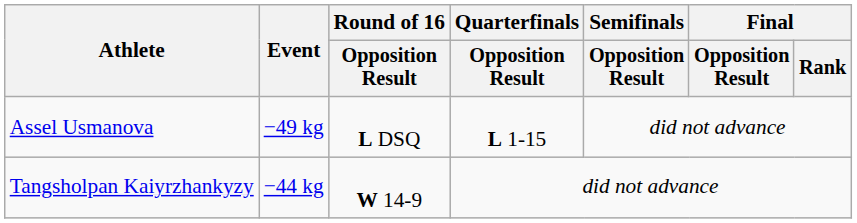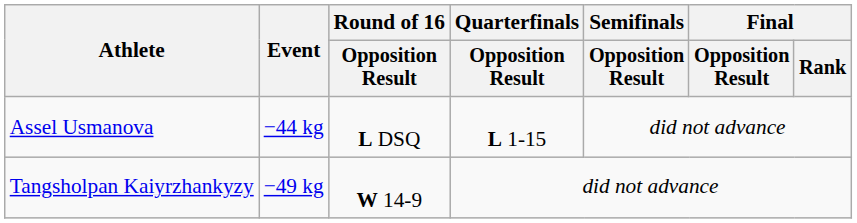 <table class="wikitable" style="text-align:center;font-size:90%">
 <tr>
 <th rowspan=2>Athlete</th>
 <th rowspan=2>Event</th>
 <th>Round of 16</th>
 <th>Quarterfinals</th>
 <th>Semifinals</th>
 <th colspan=2>Final</th>
 </tr>
 <tr style="font-size:95%">
 <th>Opposition<br>Result</th>
 <th>Opposition<br>Result</th>
 <th>Opposition<br>Result</th>
 <th>Opposition<br>Result</th>
 <th>Rank</th>
 </tr>
 <tr>
 <td align=left><a href='#'>Assel Usmanova</a></td>
-<td align=left><a href='#'>−49 kg</a></td>
+<td align=left><a href='#'>−44 kg</a></td>
 <td><br> <strong>L</strong> DSQ</td>
 <td><br> <strong>L</strong> 1-15</td>
 <td Colspan=3><em>did not advance</em></td>
 </tr>
 <tr>
 <td align=left><a href='#'>Tangsholpan Kaiyrzhankyzy</a></td>
-<td align=left><a href='#'>−44 kg</a></td>
+<td align=left><a href='#'>−49 kg</a></td>
 <td><br> <strong>W</strong> 14-9</td>
 <td Colspan=4><em>did not advance</em></td>
 </tr>
 </table>
